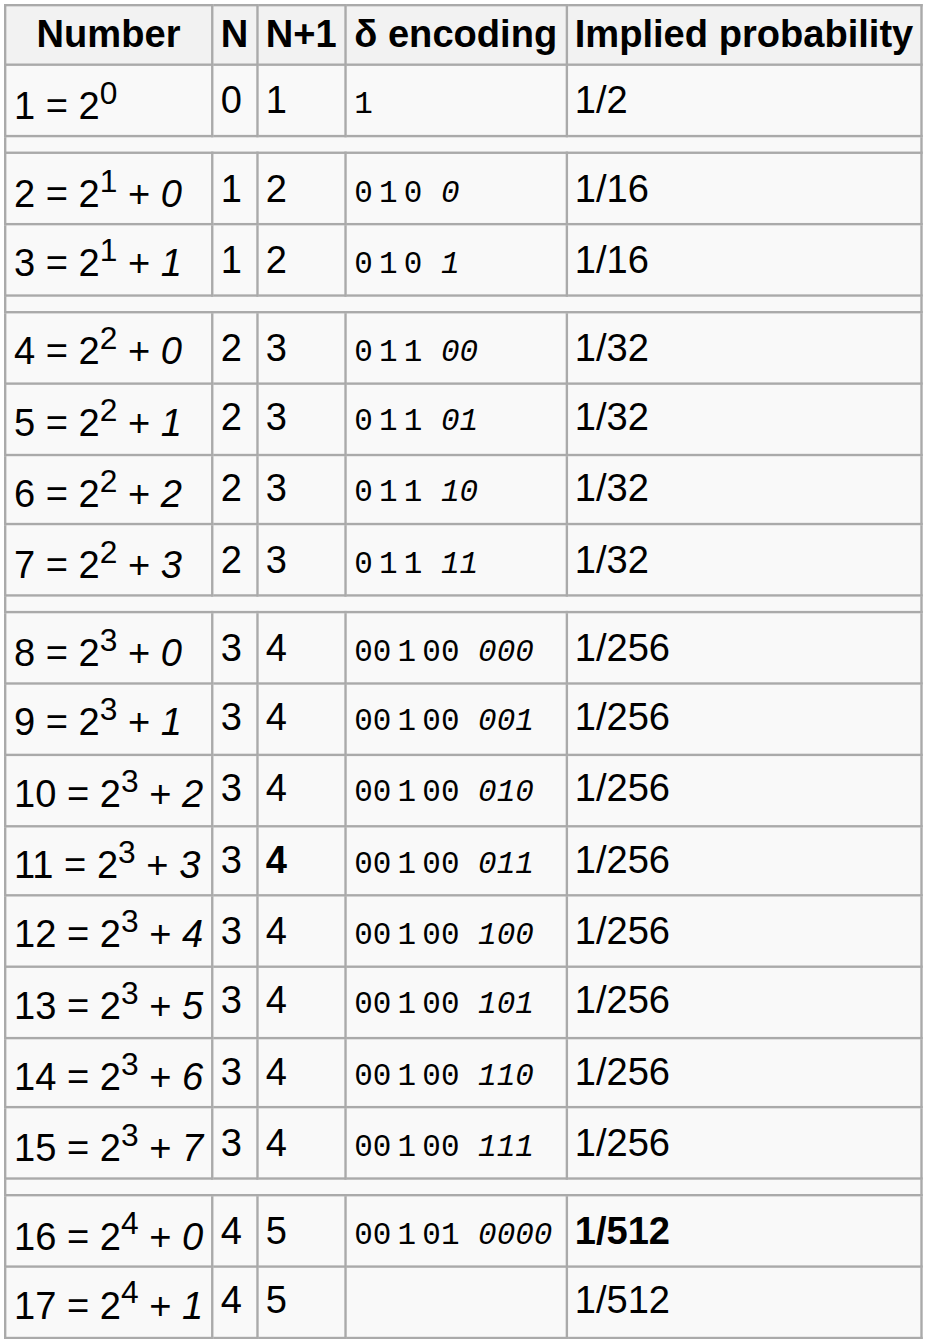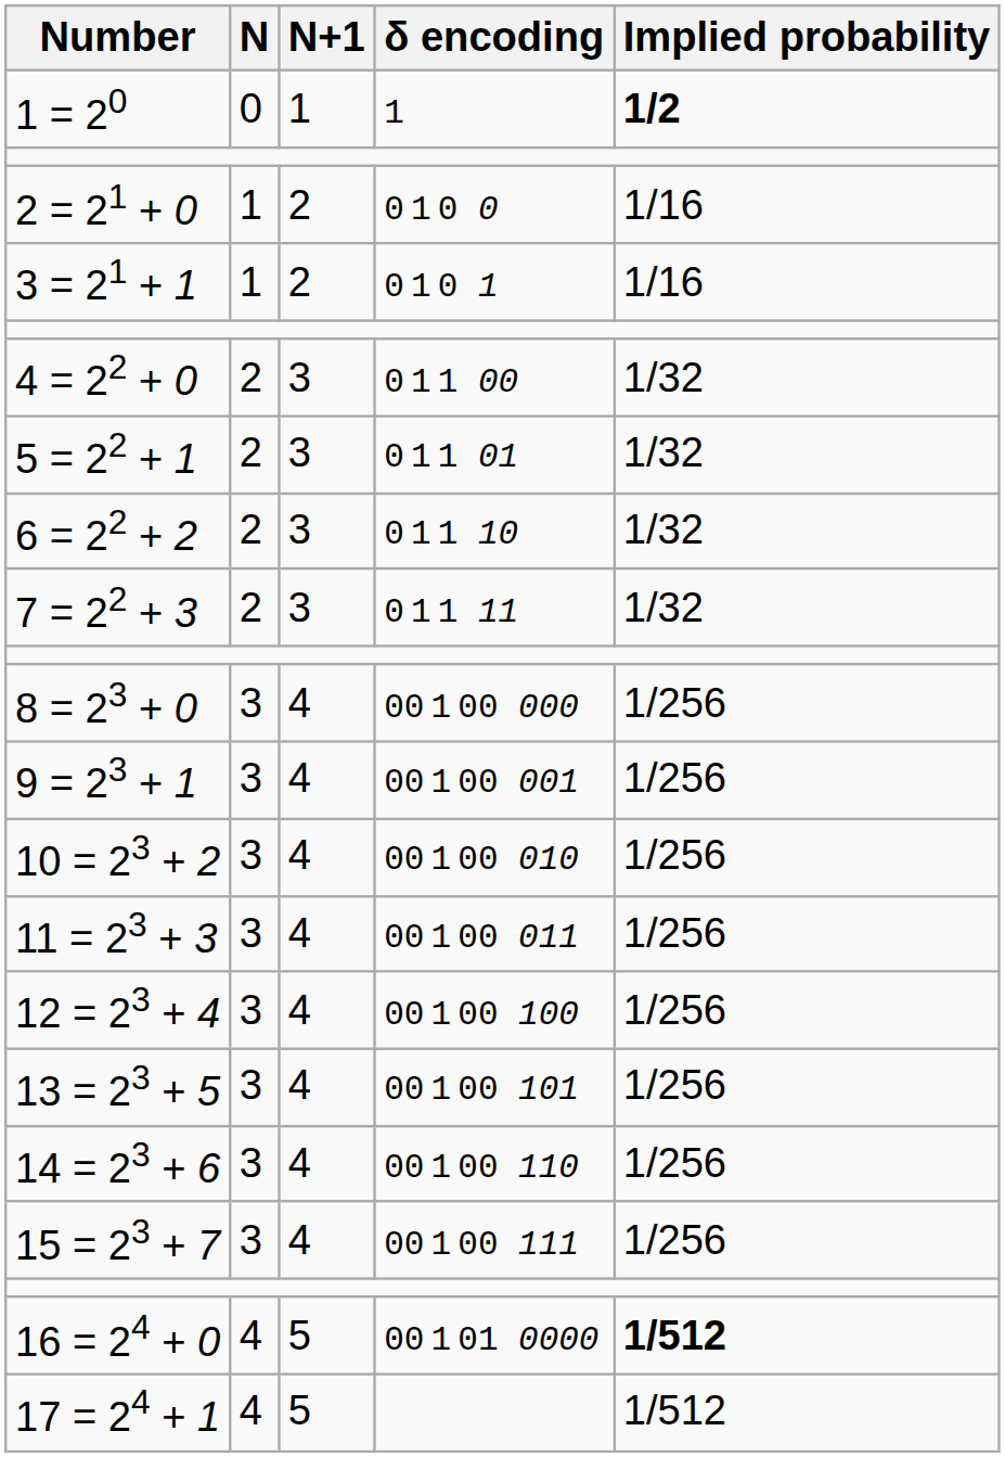 <table class="wikitable">
 <tr>
 <th>Number</th>
 <th>N</th>
 <th>N+1</th>
 <th>δ encoding</th>
 <th>Implied probability</th>
 </tr>
 <tr>
 <td>1 = 2<sup>0</sup></td>
 <td>0</td>
 <td>1</td>
 <td><code>1</code></td>
-<td>1/2</td>
+<td><strong>1/2</strong></td>
 </tr>
 <tr>
 <td colspan=5></td>
 </tr>
 <tr>
 <td>2 = 2<sup>1</sup> + <em>0</em></td>
 <td>1</td>
 <td>2</td>
 <td><code>0 1 0 <em>0</em></code></td>
 <td>1/16</td>
 </tr>
 <tr>
 <td>3 = 2<sup>1</sup> + <em>1</em></td>
 <td>1</td>
 <td>2</td>
 <td><code>0 1 0 <em>1</em></code></td>
 <td>1/16</td>
 </tr>
 <tr>
 <td colspan=5></td>
 </tr>
 <tr>
 <td>4 = 2<sup>2</sup> + <em>0</em></td>
 <td>2</td>
 <td>3</td>
 <td><code>0 1 1 <em>00</em></code></td>
 <td>1/32</td>
 </tr>
 <tr>
 <td>5 = 2<sup>2</sup> + <em>1</em></td>
 <td>2</td>
 <td>3</td>
 <td><code>0 1 1 <em>01</em></code></td>
 <td>1/32</td>
 </tr>
 <tr>
 <td>6 = 2<sup>2</sup> + <em>2</em></td>
 <td>2</td>
 <td>3</td>
 <td><code>0 1 1 <em>10</em></code></td>
 <td>1/32</td>
 </tr>
 <tr>
 <td>7 = 2<sup>2</sup> + <em>3</em></td>
 <td>2</td>
 <td>3</td>
 <td><code>0 1 1 <em>11</em></code></td>
 <td>1/32</td>
 </tr>
 <tr>
 <td colspan=5></td>
 </tr>
 <tr>
 <td>8 = 2<sup>3</sup> + <em>0</em></td>
 <td>3</td>
 <td>4</td>
 <td><code>00 1 00 <em>000</em></code></td>
 <td>1/256</td>
 </tr>
 <tr>
 <td>9 = 2<sup>3</sup> + <em>1</em></td>
 <td>3</td>
 <td>4</td>
 <td><code>00 1 00 <em>001</em></code></td>
 <td>1/256</td>
 </tr>
 <tr>
 <td>10 = 2<sup>3</sup> + <em>2</em></td>
 <td>3</td>
 <td>4</td>
 <td><code>00 1 00 <em>010</em></code></td>
 <td>1/256</td>
 </tr>
 <tr>
 <td>11 = 2<sup>3</sup> + <em>3</em></td>
 <td>3</td>
-<td><strong>4</strong></td>
+<td>4</td>
 <td><code>00 1 00 <em>011</em></code></td>
 <td>1/256</td>
 </tr>
 <tr>
 <td>12 = 2<sup>3</sup> + <em>4</em></td>
 <td>3</td>
 <td>4</td>
 <td><code>00 1 00 <em>100</em></code></td>
 <td>1/256</td>
 </tr>
 <tr>
 <td>13 = 2<sup>3</sup> + <em>5</em></td>
 <td>3</td>
 <td>4</td>
 <td><code>00 1 00 <em>101</em></code></td>
 <td>1/256</td>
 </tr>
 <tr>
 <td>14 = 2<sup>3</sup> + <em>6</em></td>
 <td>3</td>
 <td>4</td>
 <td><code>00 1 00 <em>110</em></code></td>
 <td>1/256</td>
 </tr>
 <tr>
 <td>15 = 2<sup>3</sup> + <em>7</em></td>
 <td>3</td>
 <td>4</td>
 <td><code>00 1 00 <em>111</em></code></td>
 <td>1/256</td>
 </tr>
 <tr>
 <td colspan=5></td>
 </tr>
 <tr>
 <td>16 = 2<sup>4</sup> + <em>0</em></td>
 <td>4</td>
 <td>5</td>
 <td><code>00 1 01 <em>0000</em></code></td>
 <td><strong>1/512</strong></td>
 </tr>
 <tr>
 <td>17 = 2<sup>4</sup> + <em>1</em></td>
 <td>4</td>
 <td>5</td>
 <td></td>
 <td>1/512</td>
 </tr>
 </table>
